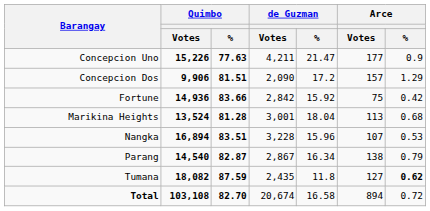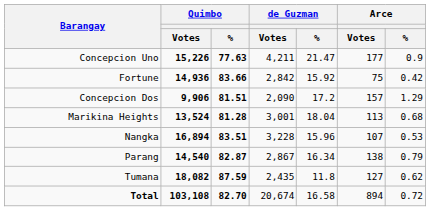 <table class="wikitable collapsible collapsed" style="text-align:right; font-size:95%; line-height:20px;">
 <tr>
 <th rowspan="3" width="200"><a href='#'>Barangay</a></th>
 <th colspan="2" width="110"><a href='#'>Quimbo</a></th>
 <th colspan="2" width="110"><a href='#'>de Guzman</a></th>
 <th colspan="2" width="110">Arce</th>
 </tr>
 <tr>
 <th colspan="2" style="background:"></th>
 <th colspan="2" style="background:"></th>
 <th colspan="2" style="background:"></th>
 </tr>
 <tr>
 <th>Votes</th>
 <th>%</th>
 <th>Votes</th>
 <th>%</th>
 <th>Votes</th>
 <th>%</th>
 </tr>
 <tr>
 <td>Concepcion Uno</td>
 <td style="background-color:#"><strong>15,226</strong></td>
 <td style="background-color:#"><strong>77.63</strong></td>
 <td>4,211</td>
 <td>21.47</td>
 <td>177</td>
 <td>0.9</td>
 </tr>
 <tr>
+<td>Fortune</td>
+<td style="background-color:#"><strong>14,936</strong></td>
+<td style="background-color:#"><strong>83.66</strong></td>
+<td>2,842</td>
+<td>15.92</td>
+<td>75</td>
+<td>0.42</td>
+</tr>
+<tr>
 <td>Concepcion Dos</td>
 <td style="background-color:#"><strong>9,906</strong></td>
 <td style="background-color:#"><strong>81.51</strong></td>
 <td>2,090</td>
 <td>17.2</td>
 <td>157</td>
 <td>1.29</td>
-</tr>
-<tr>
-<td>Fortune</td>
-<td style="background-color:#"><strong>14,936</strong></td>
-<td style="background-color:#"><strong>83.66</strong></td>
-<td>2,842</td>
-<td>15.92</td>
-<td>75</td>
-<td>0.42</td>
 </tr>
 <tr>
 <td>Marikina Heights</td>
 <td style="background-color:#"><strong>13,524</strong></td>
 <td style="background-color:#"><strong>81.28</strong></td>
 <td>3,001</td>
 <td>18.04</td>
 <td>113</td>
 <td>0.68</td>
 </tr>
 <tr>
 <td>Nangka</td>
 <td style="background-color:#"><strong>16,894</strong></td>
 <td style="background-color:#"><strong>83.51</strong></td>
 <td>3,228</td>
 <td>15.96</td>
 <td>107</td>
 <td>0.53</td>
 </tr>
 <tr>
 <td>Parang</td>
 <td style="background-color:#"><strong>14,540</strong></td>
 <td style="background-color:#"><strong>82.87</strong></td>
 <td>2,867</td>
 <td>16.34</td>
 <td>138</td>
 <td>0.79</td>
 </tr>
 <tr>
 <td>Tumana</td>
 <td style="background-color:#"><strong>18,082</strong></td>
 <td style="background-color:#"><strong>87.59</strong></td>
 <td>2,435</td>
 <td>11.8</td>
 <td>127</td>
-<td><strong>0.62</strong></td>
+<td>0.62</td>
 </tr>
 <tr>
 <td><strong>Total</strong></td>
 <td style="background-color:#"><strong>103,108</strong></td>
 <td style="background-color:#"><strong>82.70</strong></td>
 <td>20,674</td>
 <td>16.58</td>
 <td>894</td>
 <td>0.72</td>
 </tr>
 </table>
